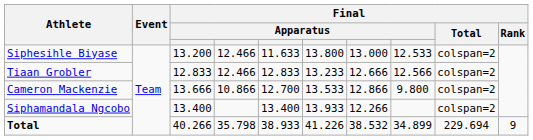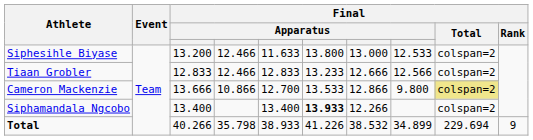 <table class="wikitable" style="font-size:90%">
 <tr>
 <th rowspan=3>Athlete</th>
 <th rowspan=3>Event</th>
 <th colspan=8>Final</th>
 </tr>
 <tr style="font-size:95%">
 <th colspan=6>Apparatus</th>
 <th rowspan=2>Total</th>
 <th rowspan=2>Rank</th>
 </tr>
 <tr style="font-size:95%">
 <th></th>
 <th></th>
 <th></th>
 <th></th>
 <th></th>
 <th></th>
 </tr>
 <tr align=center>
 <td align=left><a href='#'>Siphesihle Biyase</a></td>
 <td align=left rowspan=5><a href='#'>Team</a></td>
 <td>13.200</td>
 <td>12.466</td>
 <td>11.633</td>
 <td>13.800</td>
 <td>13.000</td>
 <td>12.533</td>
 <td>colspan=2 </td>
 </tr>
 <tr align=center>
 <td align=left><a href='#'>Tiaan Grobler</a></td>
 <td>12.833</td>
 <td>12.466</td>
 <td>12.833</td>
 <td>13.233</td>
 <td>12.666</td>
 <td>12.566</td>
 <td>colspan=2 </td>
 </tr>
 <tr align=center>
 <td align=left><a href='#'>Cameron Mackenzie</a></td>
 <td>13.666</td>
 <td>10.866</td>
 <td>12.700</td>
 <td>13.533</td>
 <td>12.866</td>
 <td>9.800</td>
-<td>colspan=2 </td>
+<td style="background: khaki;">colspan=2 </td>
 </tr>
 <tr align=center>
 <td align=left><a href='#'>Siphamandala Ngcobo</a></td>
 <td>13.400</td>
 <td></td>
 <td>13.400</td>
-<td>13.933</td>
+<td><strong>13.933</strong></td>
 <td>12.266</td>
 <td></td>
 <td>colspan=2 </td>
 </tr>
 <tr align=center>
 <td align=left><strong>Total</strong></td>
 <td>40.266</td>
 <td>35.798</td>
 <td>38.933</td>
 <td>41.226</td>
 <td>38.532</td>
 <td>34.899</td>
 <td>229.694</td>
 <td>9</td>
 </tr>
 </table>
